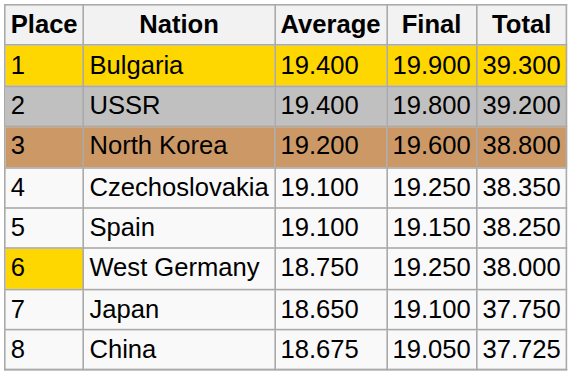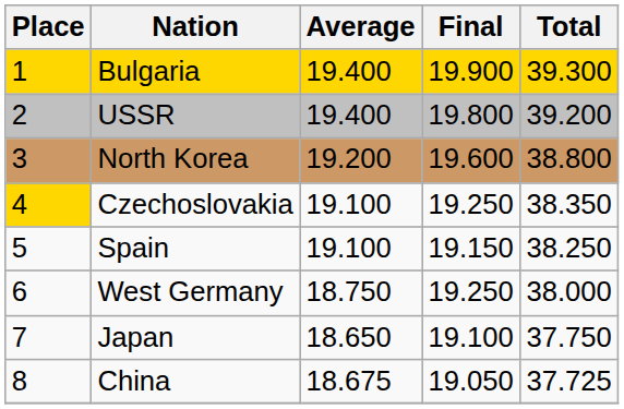 <table class="wikitable">
 <tr>
 <th>Place</th>
 <th>Nation</th>
 <th>Average</th>
 <th>Final</th>
 <th>Total</th>
 </tr>
 <tr bgcolor=gold>
 <td>1</td>
 <td> Bulgaria</td>
 <td>19.400</td>
 <td>19.900</td>
 <td>39.300</td>
 </tr>
 <tr bgcolor=silver>
 <td>2</td>
 <td> USSR</td>
 <td>19.400</td>
 <td>19.800</td>
 <td>39.200</td>
 </tr>
 <tr bgcolor=cc9966>
 <td>3</td>
 <td> North Korea</td>
 <td>19.200</td>
 <td>19.600</td>
 <td>38.800</td>
 </tr>
 <tr>
-<td>4</td>
+<td style="background: gold;">4</td>
 <td> Czechoslovakia</td>
 <td>19.100</td>
 <td>19.250</td>
 <td>38.350</td>
 </tr>
 <tr>
 <td>5</td>
 <td> Spain</td>
 <td>19.100</td>
 <td>19.150</td>
 <td>38.250</td>
 </tr>
 <tr>
-<td style="background: gold;">6</td>
+<td>6</td>
 <td> West Germany</td>
 <td>18.750</td>
 <td>19.250</td>
 <td>38.000</td>
 </tr>
 <tr>
 <td>7</td>
 <td> Japan</td>
 <td>18.650</td>
 <td>19.100</td>
 <td>37.750</td>
 </tr>
 <tr>
 <td>8</td>
 <td> China</td>
 <td>18.675</td>
 <td>19.050</td>
 <td>37.725</td>
 </tr>
 <tr>
 </tr>
 </table>
